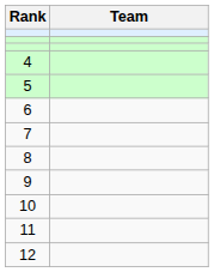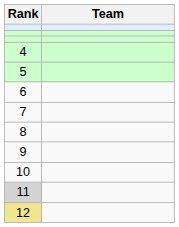 <table class="wikitable" style="text-align:center;">
 <tr>
 <th width=40>Rank</th>
 <th width=160>Team</th>
 </tr>
 <tr bgcolor=#dfefff>
 <td></td>
 <td style="text-align:left;"></td>
 </tr>
 <tr bgcolor=#ccffcc>
 <td></td>
 <td style="text-align:left;"></td>
 </tr>
 <tr bgcolor=#ccffcc>
 <td></td>
 <td style="text-align:left;"></td>
 </tr>
 <tr bgcolor=#ccffcc>
 <td>4</td>
 <td style="text-align:left;"></td>
 </tr>
 <tr bgcolor=#ccffcc>
 <td>5</td>
 <td style="text-align:left;"></td>
 </tr>
 <tr>
 <td>6</td>
 <td style="text-align:left;"></td>
 </tr>
 <tr>
 <td>7</td>
 <td style="text-align:left;"></td>
 </tr>
 <tr>
 <td>8</td>
 <td style="text-align:left;"></td>
 </tr>
 <tr>
 <td>9</td>
 <td style="text-align:left;"></td>
 </tr>
 <tr>
 <td>10</td>
 <td style="text-align:left;"></td>
 </tr>
 <tr>
-<td>11</td>
+<td style="background: lightgrey;">11</td>
 <td style="text-align:left;"></td>
 </tr>
 <tr>
-<td>12</td>
+<td style="background: khaki;">12</td>
 <td style="text-align:left;"></td>
 </tr>
 </table>
